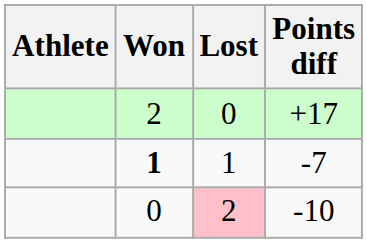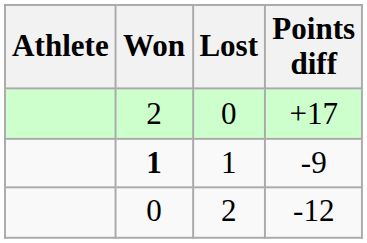 <table class="wikitable">
 <tr>
 <th>Athlete</th>
 <th>Won</th>
 <th>Lost</th>
 <th>Points<br>diff</th>
 </tr>
 <tr bgcolor="#ccffcc">
 <td></td>
 <td align="center">2</td>
 <td align="center">0</td>
 <td align="center">+17</td>
 </tr>
 <tr>
 <td></td>
 <td align="center"><strong>1</strong></td>
 <td align="center">1</td>
-<td align="center">-7</td>
+<td align="center">-9</td>
 </tr>
 <tr>
 <td></td>
 <td align="center">0</td>
-<td align="center" style="background: pink;">2</td>
-<td align="center">-10</td>
+<td align="center">2</td>
+<td align="center">-12</td>
 </tr>
 </table>
